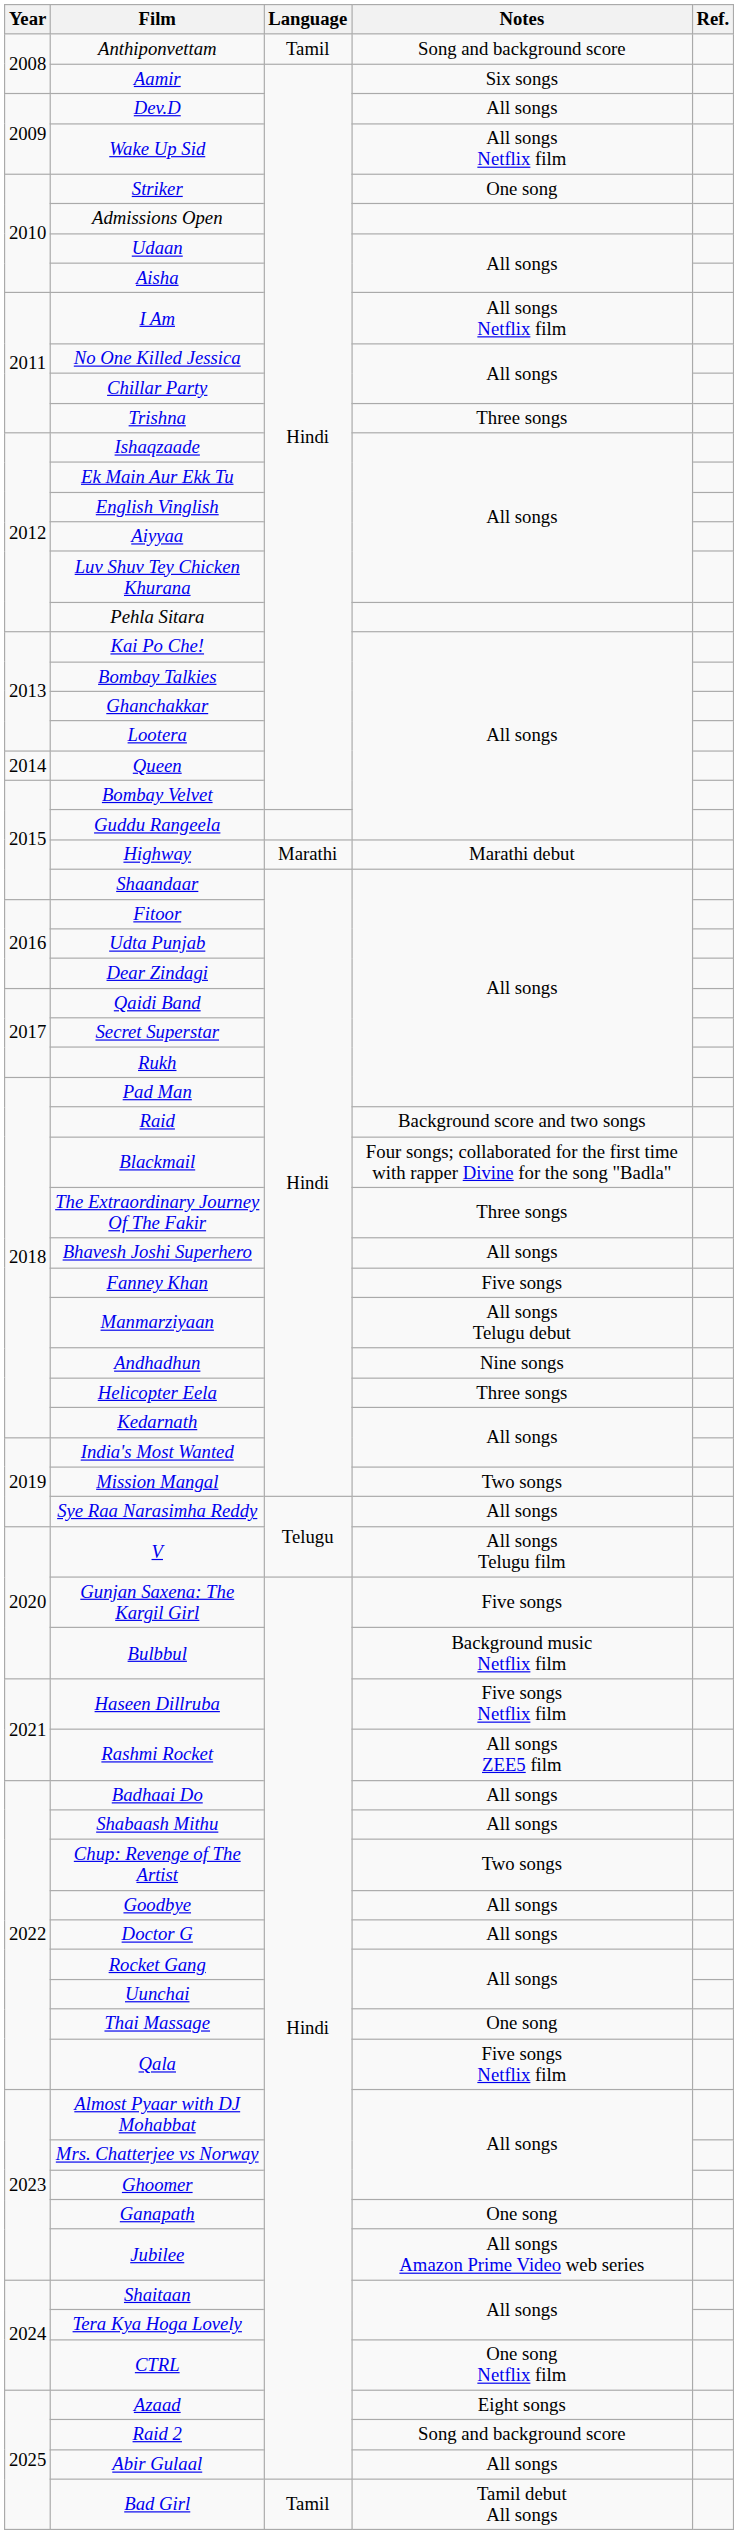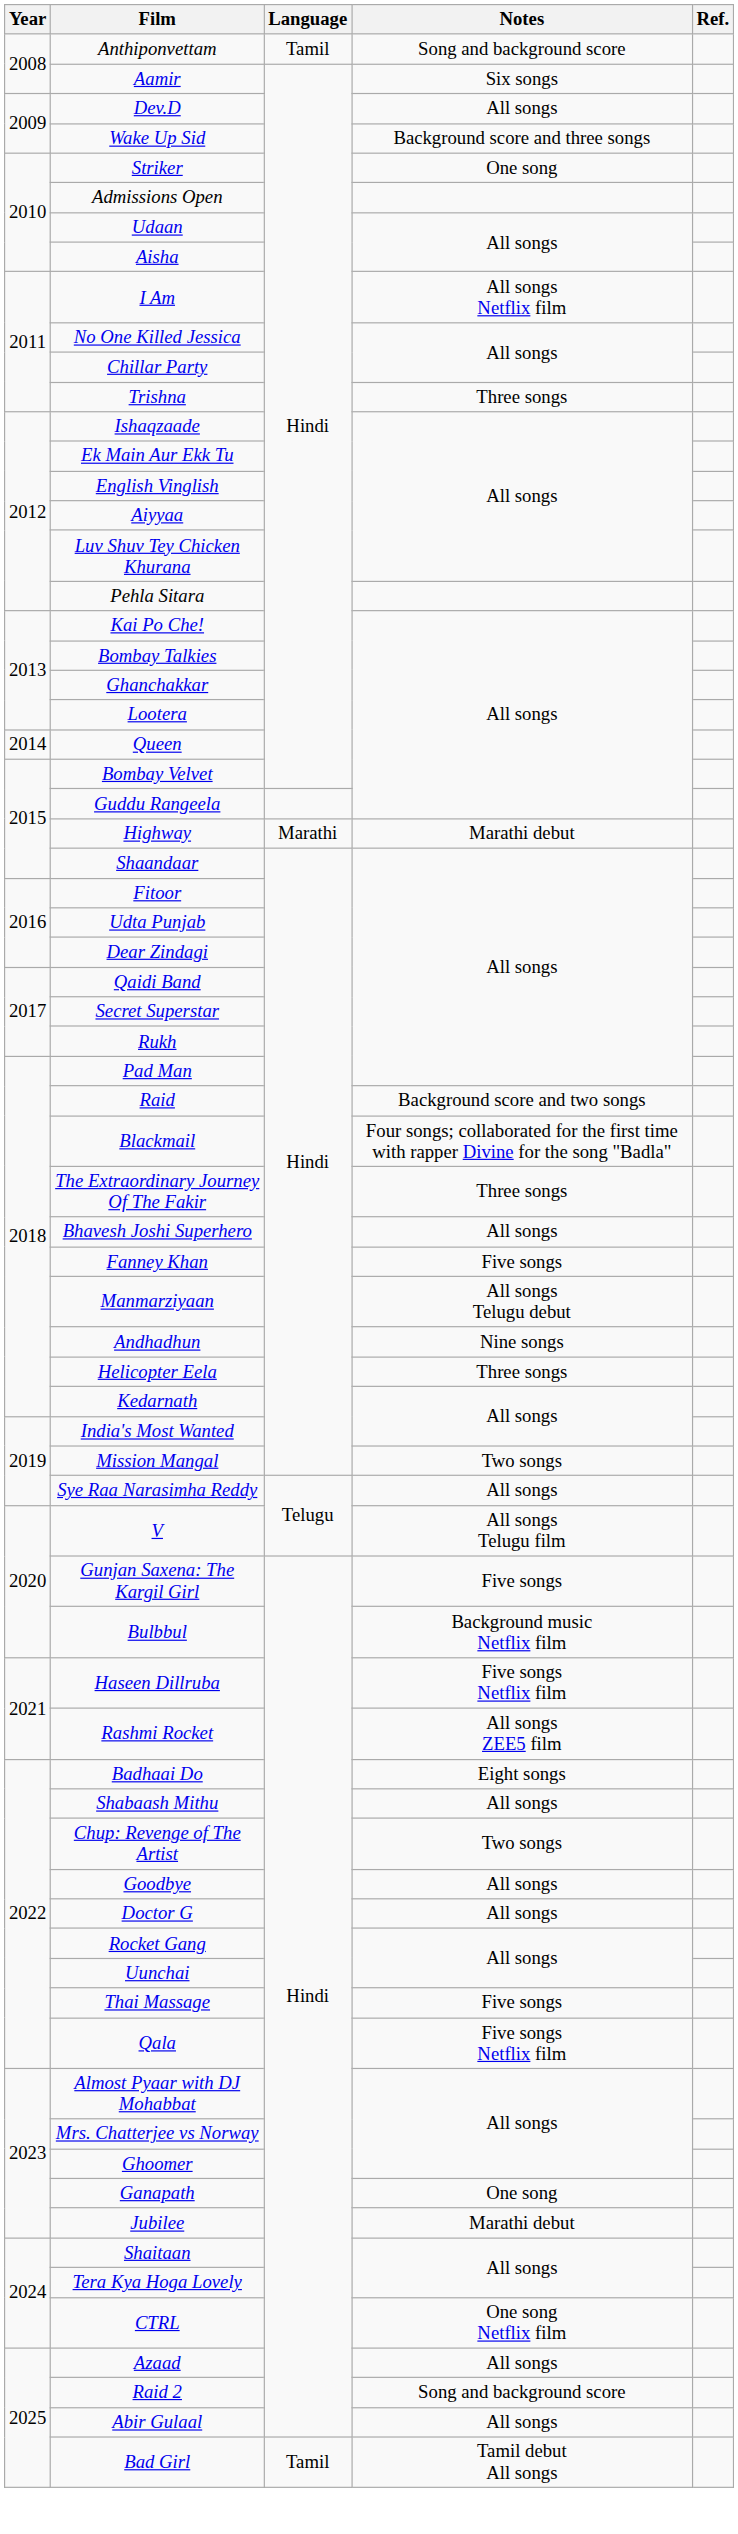 <table class="wikitable plainrowheaders sortable" style="width: 100%; text-align: center;">
 <tr>
 <th>Year</th>
 <th>Film</th>
 <th>Language</th>
 <th>Notes</th>
 <th>Ref.</th>
 </tr>
 <tr>
 <td align="center" rowspan="2">2008</td>
 <td><em>Anthiponvettam</em></td>
 <td>Tamil</td>
 <td>Song and background score</td>
 <td></td>
 </tr>
 <tr>
 <td><em><a href='#'>Aamir</a></em></td>
 <td rowspan=23>Hindi</td>
 <td>Six songs</td>
 <td></td>
 </tr>
 <tr>
 <td align="center" rowspan="2">2009</td>
 <td><em><a href='#'>Dev.D</a></em></td>
 <td>All songs</td>
 <td></td>
 </tr>
 <tr>
 <td><em><a href='#'>Wake Up Sid</a></em></td>
-<td>All songs<br><a href='#'>Netflix</a> film</td>
+<td>Background score and three songs</td>
 <td></td>
 </tr>
 <tr>
 <td align="center" rowspan="4">2010</td>
 <td><em><a href='#'>Striker</a></em></td>
 <td>One song</td>
 <td></td>
 </tr>
 <tr>
 <td><em>Admissions Open</em></td>
 <td></td>
 <td></td>
 </tr>
 <tr>
 <td><em><a href='#'>Udaan</a></em></td>
 <td rowspan="2">All songs</td>
 <td></td>
 </tr>
 <tr>
 <td><em><a href='#'>Aisha</a></em></td>
 <td></td>
 </tr>
 <tr>
 <td align="center" rowspan="4">2011</td>
 <td><em><a href='#'>I Am</a></em></td>
 <td>All songs<br><a href='#'>Netflix</a> film</td>
 <td></td>
 </tr>
 <tr>
 <td><em><a href='#'>No One Killed Jessica</a></em></td>
 <td rowspan="2">All songs</td>
 <td></td>
 </tr>
 <tr>
 <td><em><a href='#'>Chillar Party</a></em></td>
 <td></td>
 </tr>
 <tr>
 <td><em><a href='#'>Trishna</a></em></td>
 <td>Three songs</td>
 <td></td>
 </tr>
 <tr>
 <td align="center" rowspan="6">2012</td>
 <td><em><a href='#'>Ishaqzaade</a></em></td>
 <td rowspan="5">All songs</td>
 <td></td>
 </tr>
 <tr>
 <td><em><a href='#'>Ek Main Aur Ekk Tu</a></em></td>
 <td></td>
 </tr>
 <tr>
 <td><em><a href='#'>English Vinglish</a></em></td>
 <td></td>
 </tr>
 <tr>
 <td><em><a href='#'>Aiyyaa</a></em></td>
 <td></td>
 </tr>
 <tr>
 <td><em><a href='#'>Luv Shuv Tey Chicken Khurana</a></em></td>
 <td></td>
 </tr>
 <tr>
 <td><em>Pehla Sitara</em></td>
 <td></td>
 <td></td>
 </tr>
 <tr>
 <td align="center" rowspan="4">2013</td>
 <td><em><a href='#'>Kai Po Che!</a></em></td>
 <td rowspan="7">All songs</td>
 <td></td>
 </tr>
 <tr>
 <td><em><a href='#'>Bombay Talkies</a></em></td>
 <td></td>
 </tr>
 <tr>
 <td><em><a href='#'>Ghanchakkar</a></em></td>
 <td></td>
 </tr>
 <tr>
 <td><em><a href='#'>Lootera</a></em></td>
 <td></td>
 </tr>
 <tr>
 <td align="center">2014</td>
 <td><em><a href='#'>Queen</a></em></td>
 <td></td>
 </tr>
 <tr>
 <td align="center" rowspan="4">2015</td>
 <td><em><a href='#'>Bombay Velvet</a></em></td>
 <td></td>
 </tr>
 <tr>
 <td><em><a href='#'>Guddu Rangeela</a></em></td>
 <td></td>
 </tr>
 <tr>
 <td><em><a href='#'>Highway</a></em></td>
 <td>Marathi</td>
 <td>Marathi debut</td>
 <td></td>
 </tr>
 <tr>
 <td><em><a href='#'>Shaandaar</a></em></td>
 <td rowspan="19">Hindi</td>
 <td rowspan="8">All songs</td>
 <td></td>
 </tr>
 <tr>
 <td align="center" rowspan="3">2016</td>
 <td><em><a href='#'>Fitoor</a></em></td>
 <td></td>
 </tr>
 <tr>
 <td><em><a href='#'>Udta Punjab</a></em></td>
 <td></td>
 </tr>
 <tr>
 <td><em><a href='#'>Dear Zindagi</a></em></td>
 <td></td>
 </tr>
 <tr>
 <td align="center" rowspan="3">2017</td>
 <td><em><a href='#'>Qaidi Band</a></em></td>
 <td></td>
 </tr>
 <tr>
 <td><em><a href='#'>Secret Superstar</a></em></td>
 <td></td>
 </tr>
 <tr>
 <td><em><a href='#'>Rukh</a></em></td>
 <td></td>
 </tr>
 <tr>
 <td rowspan="10" align="center">2018</td>
 <td><em><a href='#'>Pad Man</a></em></td>
 <td></td>
 </tr>
 <tr>
 <td><em><a href='#'>Raid</a></em></td>
 <td>Background score and two songs</td>
 <td></td>
 </tr>
 <tr>
 <td><em><a href='#'>Blackmail</a></em></td>
 <td>Four songs; collaborated for the first time with rapper <a href='#'>Divine</a> for the song "Badla"</td>
 <td></td>
 </tr>
 <tr>
 <td><em><a href='#'>The Extraordinary Journey Of The Fakir</a></em></td>
 <td>Three songs</td>
 <td></td>
 </tr>
 <tr>
 <td><em><a href='#'>Bhavesh Joshi Superhero</a></em></td>
 <td>All songs</td>
 <td></td>
 </tr>
 <tr>
 <td><em><a href='#'>Fanney Khan</a></em></td>
 <td>Five songs</td>
 <td></td>
 </tr>
 <tr>
 <td><em><a href='#'>Manmarziyaan</a></em></td>
 <td>All songs<br>Telugu debut</td>
 <td></td>
 </tr>
 <tr>
 <td><em><a href='#'>Andhadhun</a></em></td>
 <td>Nine songs</td>
 <td></td>
 </tr>
 <tr>
 <td><em><a href='#'>Helicopter Eela</a></em></td>
 <td>Three songs</td>
 <td></td>
 </tr>
 <tr>
 <td><em><a href='#'>Kedarnath</a></em></td>
 <td rowspan="2">All songs</td>
 <td></td>
 </tr>
 <tr>
 <td rowspan="3">2019</td>
 <td><em><a href='#'>India's Most Wanted</a></em></td>
 <td></td>
 </tr>
 <tr>
 <td><em><a href='#'>Mission Mangal</a></em></td>
 <td>Two songs</td>
 <td></td>
 </tr>
 <tr>
 <td><em><a href='#'>Sye Raa Narasimha Reddy</a></em></td>
 <td rowspan=2>Telugu</td>
 <td>All songs</td>
 <td></td>
 </tr>
 <tr>
 <td rowspan="3">2020</td>
 <td><em><a href='#'>V</a></em></td>
 <td>All songs<br>Telugu film</td>
 <td></td>
 </tr>
 <tr>
 <td><em><a href='#'>Gunjan Saxena: The Kargil Girl</a></em></td>
 <td rowspan=24>Hindi</td>
 <td>Five songs</td>
 <td></td>
 </tr>
 <tr>
 <td><em><a href='#'>Bulbbul</a></em></td>
 <td>Background music<br><a href='#'>Netflix</a> film</td>
 <td></td>
 </tr>
 <tr>
 <td rowspan="2">2021</td>
 <td><em><a href='#'>Haseen Dillruba</a></em></td>
 <td>Five songs <br> <a href='#'>Netflix</a> film</td>
 <td></td>
 </tr>
 <tr>
 <td><em><a href='#'>Rashmi Rocket</a></em></td>
 <td>All songs<br><a href='#'>ZEE5</a> film</td>
 </tr>
 <tr>
 <td rowspan="9">2022</td>
 <td><em><a href='#'>Badhaai Do</a></em></td>
-<td>All songs</td>
+<td>Eight songs</td>
 <td></td>
 </tr>
 <tr>
 <td><em><a href='#'>Shabaash Mithu</a></em></td>
 <td>All songs</td>
 <td></td>
 </tr>
 <tr>
 <td><em><a href='#'>Chup: Revenge of The Artist</a></em></td>
 <td>Two songs</td>
 <td></td>
 </tr>
 <tr>
 <td><em><a href='#'>Goodbye</a></em></td>
 <td>All songs</td>
 <td></td>
 </tr>
 <tr>
 <td><em><a href='#'>Doctor G</a></em></td>
 <td>All songs</td>
 <td></td>
 </tr>
 <tr>
 <td><em><a href='#'>Rocket Gang</a></em></td>
 <td rowspan=2>All songs</td>
 <td></td>
 </tr>
 <tr>
 <td><em><a href='#'>Uunchai</a></em></td>
 <td></td>
 </tr>
 <tr>
 <td><em><a href='#'>Thai Massage</a></em></td>
-<td>One song</td>
+<td>Five songs</td>
 <td></td>
 </tr>
 <tr>
 <td><em><a href='#'>Qala</a></em></td>
 <td>Five songs <br> <a href='#'>Netflix</a> film</td>
 <td></td>
 </tr>
 <tr>
 <td rowspan="5">2023</td>
 <td><em><a href='#'>Almost Pyaar with DJ Mohabbat</a></em></td>
 <td rowspan=3>All songs</td>
 <td></td>
 </tr>
 <tr>
 <td><em><a href='#'>Mrs. Chatterjee vs Norway</a></em></td>
 <td></td>
 </tr>
 <tr>
 <td><em><a href='#'>Ghoomer</a></em></td>
 <td></td>
 </tr>
 <tr>
 <td><em><a href='#'>Ganapath</a></em></td>
 <td>One song</td>
 <td></td>
 </tr>
 <tr>
 <td><em><a href='#'>Jubilee</a></em></td>
-<td>All songs<br><a href='#'>Amazon Prime Video</a> web series</td>
+<td>Marathi debut</td>
 <td></td>
 </tr>
 <tr>
 <td rowspan=3>2024</td>
 <td><em><a href='#'>Shaitaan</a></em></td>
 <td rowspan=2>All songs</td>
 <td></td>
 </tr>
 <tr>
 <td><em><a href='#'>Tera Kya Hoga Lovely</a></em></td>
 <td></td>
 </tr>
 <tr>
 <td><em><a href='#'>CTRL</a></em></td>
 <td>One song<br><a href='#'>Netflix</a> film</td>
 <td></td>
 </tr>
 <tr>
 <td rowspan=4>2025</td>
 <td><em><a href='#'>Azaad</a></em></td>
-<td>Eight songs</td>
+<td>All songs</td>
 <td></td>
 </tr>
 <tr>
 <td><em><a href='#'>Raid 2</a></em></td>
 <td>Song and background score</td>
 <td></td>
 </tr>
 <tr>
 <td><em><a href='#'>Abir Gulaal</a></em></td>
 <td>All songs</td>
 <td></td>
 </tr>
 <tr>
 <td><em><a href='#'>Bad Girl</a></em></td>
 <td>Tamil</td>
 <td>Tamil debut<br>All songs</td>
 <td></td>
 </tr>
 </table>
